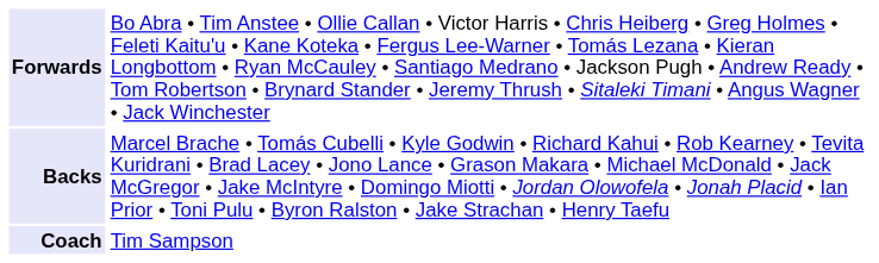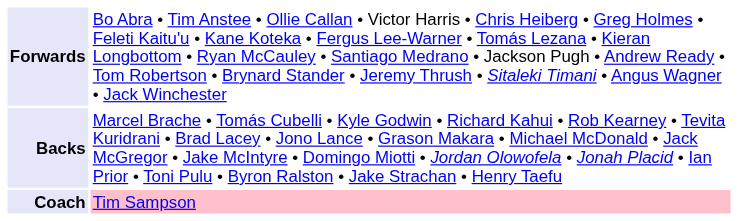 <table cellpadding="2" style="border:1px solid white;font-size:90%">
 <tr>
 <td style="text-align:right;background:lavender"><strong>Forwards</strong></td>
 <td style="text-align:left"><a href='#'>Bo Abra</a> • <a href='#'>Tim Anstee</a> • <a href='#'>Ollie Callan</a> • Victor Harris • <a href='#'>Chris Heiberg</a> • <a href='#'>Greg Holmes</a> • <a href='#'>Feleti Kaitu'u</a> • <a href='#'>Kane Koteka</a> • <a href='#'>Fergus Lee-Warner</a> • <a href='#'>Tomás Lezana</a> • <a href='#'>Kieran Longbottom</a> • <a href='#'>Ryan McCauley</a> • <a href='#'>Santiago Medrano</a> • Jackson Pugh • <a href='#'>Andrew Ready</a> • <a href='#'>Tom Robertson</a> • <a href='#'>Brynard Stander</a> • <a href='#'>Jeremy Thrush</a> • <em><a href='#'>Sitaleki Timani</a></em> • <a href='#'>Angus Wagner</a> • <a href='#'>Jack Winchester</a></td>
 </tr>
 <tr>
 <td style="text-align:right;background:lavender"><strong>Backs</strong></td>
 <td style="text-align:left"><a href='#'>Marcel Brache</a> • <a href='#'>Tomás Cubelli</a> • <a href='#'>Kyle Godwin</a> • <a href='#'>Richard Kahui</a> • <a href='#'>Rob Kearney</a> • <a href='#'>Tevita Kuridrani</a> • <a href='#'>Brad Lacey</a> • <a href='#'>Jono Lance</a> • <a href='#'>Grason Makara</a> • <a href='#'>Michael McDonald</a> • <a href='#'>Jack McGregor</a> • <a href='#'>Jake McIntyre</a> • <a href='#'>Domingo Miotti</a> • <em><a href='#'>Jordan Olowofela</a></em> • <em><a href='#'>Jonah Placid</a></em> • <a href='#'>Ian Prior</a> • <a href='#'>Toni Pulu</a> • <a href='#'>Byron Ralston</a> • <a href='#'>Jake Strachan</a> • <a href='#'>Henry Taefu</a></td>
 </tr>
 <tr>
 <td style="text-align:right;background:lavender"><strong>Coach</strong></td>
-<td style="text-align:left"><a href='#'>Tim Sampson</a></td>
+<td style="background: pink; text-align:left"><a href='#'>Tim Sampson</a></td>
 </tr>
 </table>
